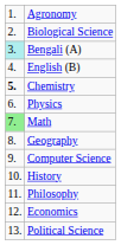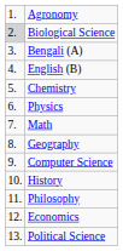 <table class="wikitable">
 <tr>
 <td>1.</td>
 <td><a href='#'>Agronomy</a></td>
 </tr>
 <tr>
-<td>2.</td>
+<td style="background: lightgrey;">2.</td>
 <td><a href='#'>Biological Science</a></td>
 </tr>
 <tr>
-<td style="background: paleturquoise;">3.</td>
+<td>3.</td>
 <td><a href='#'>Bengali</a> (A)</td>
 </tr>
 <tr>
 <td>4.</td>
 <td><a href='#'>English</a> (B)</td>
 </tr>
 <tr>
-<td><strong>5.</strong></td>
+<td>5.</td>
 <td><a href='#'>Chemistry</a></td>
 </tr>
 <tr>
 <td>6.</td>
 <td><a href='#'>Physics</a></td>
 </tr>
 <tr>
-<td style="background: lightgreen;">7.</td>
+<td>7.</td>
 <td><a href='#'>Math</a></td>
 </tr>
 <tr>
 <td>8.</td>
 <td><a href='#'>Geography</a></td>
 </tr>
 <tr>
 <td>9.</td>
 <td><a href='#'>Computer Science</a></td>
 </tr>
 <tr>
 <td>10.</td>
 <td><a href='#'>History</a></td>
 </tr>
 <tr>
 <td>11.</td>
 <td><a href='#'>Philosophy</a></td>
 </tr>
 <tr>
 <td>12.</td>
 <td><a href='#'>Economics</a></td>
 </tr>
 <tr>
 <td>13.</td>
 <td><a href='#'>Political Science</a></td>
 </tr>
 </table>
